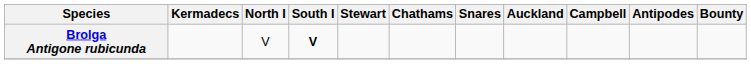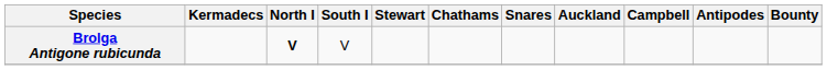 <table class="wikitable" style="text-align:center">
 <tr>
 <th width="200">Species</th>
 <th>Kermadecs</th>
 <th>North I</th>
 <th>South I</th>
 <th>Stewart</th>
 <th>Chathams</th>
 <th>Snares</th>
 <th>Auckland</th>
 <th>Campbell</th>
 <th>Antipodes</th>
 <th>Bounty</th>
 </tr>
 <tr>
 <th><a href='#'>Brolga</a><br><em>Antigone rubicunda</em></th>
 <td></td>
+<td><strong>V</strong></td>
 <td>V</td>
-<td><strong>V</strong></td>
 <td></td>
 <td></td>
 <td></td>
 <td></td>
 <td></td>
 <td></td>
 <td></td>
 </tr>
 <tr>
 </tr>
 </table>
